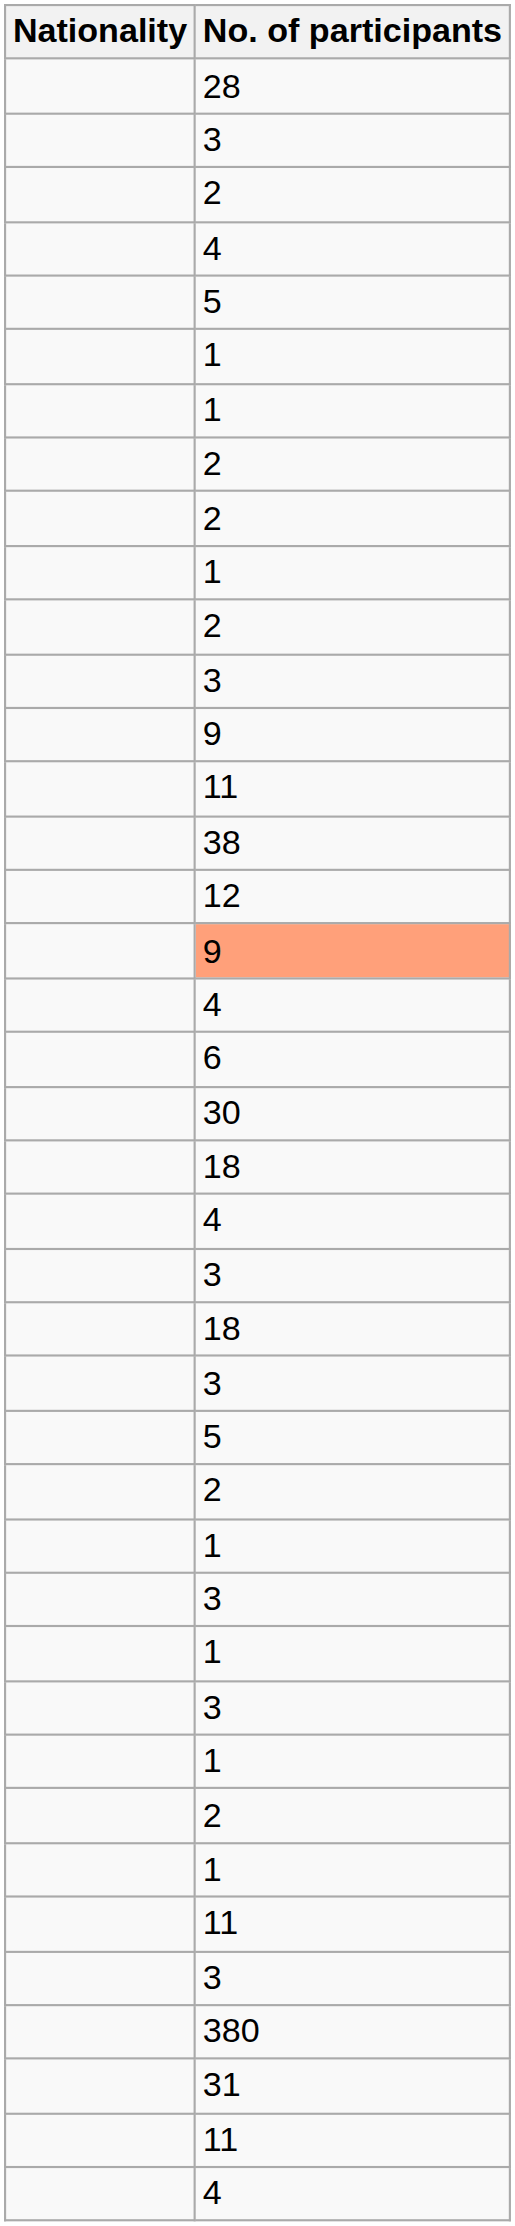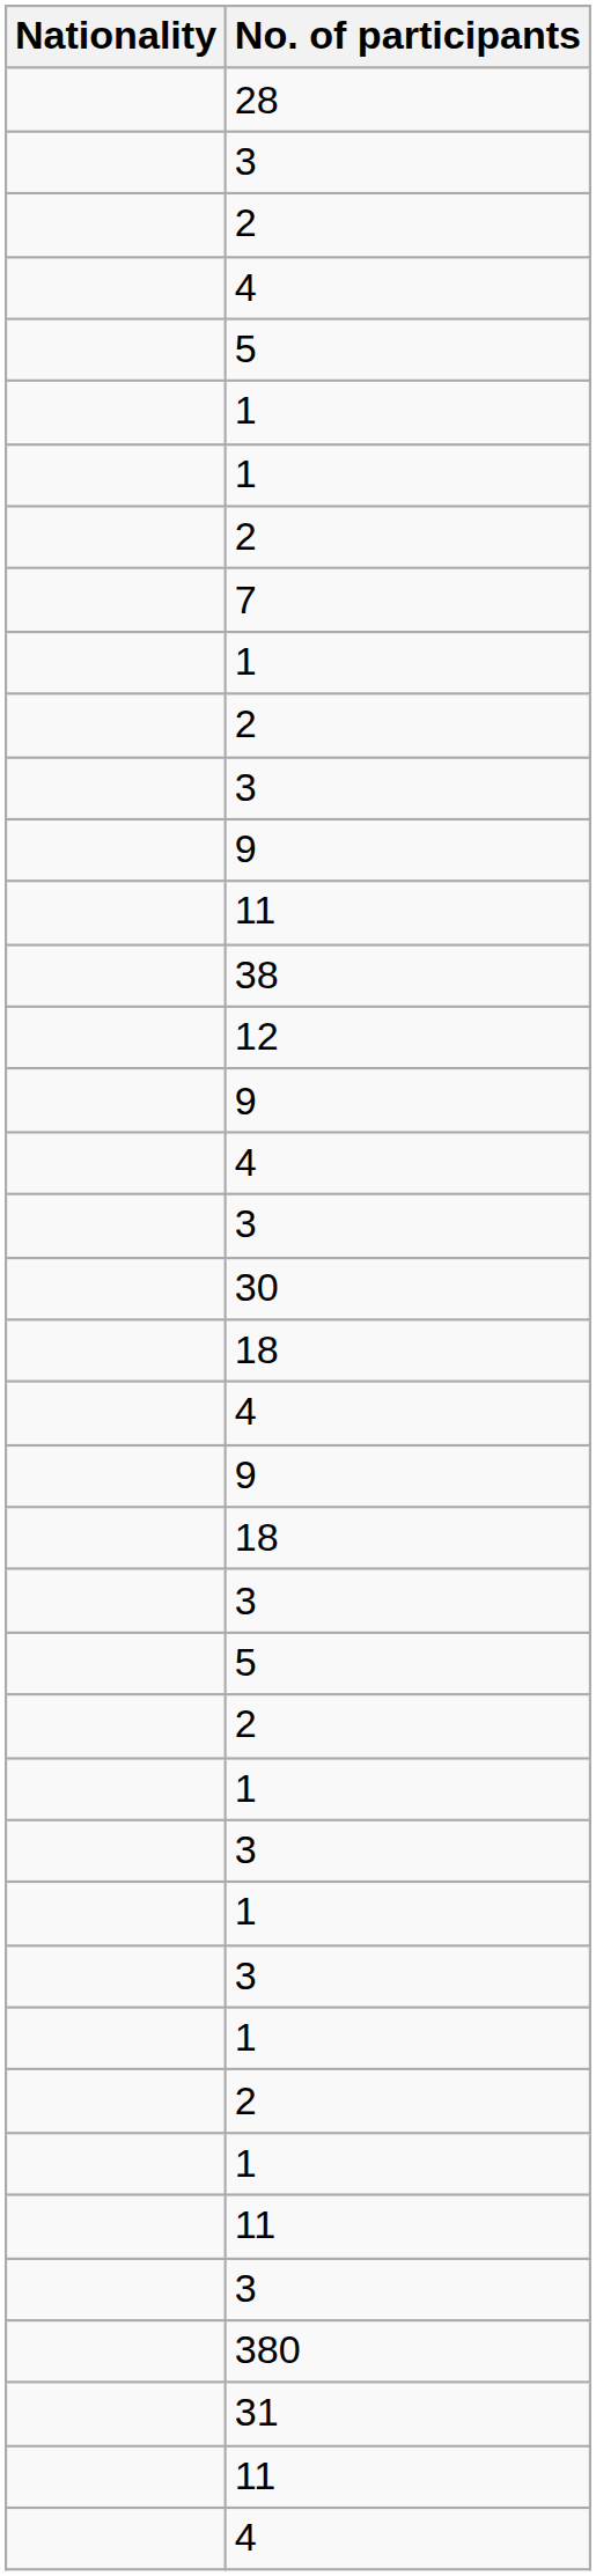 <table class="wikitable sortable collapsible collapsed">
 <tr>
 <th>Nationality</th>
 <th>No. of participants</th>
 </tr>
 <tr>
 <td></td>
 <td>28</td>
 </tr>
 <tr>
 <td></td>
 <td>3</td>
 </tr>
 <tr>
 <td></td>
 <td>2</td>
 </tr>
 <tr>
 <td></td>
 <td>4</td>
 </tr>
 <tr>
 <td></td>
 <td>5</td>
 </tr>
 <tr>
 <td></td>
 <td>1</td>
 </tr>
 <tr>
 <td></td>
 <td>1</td>
 </tr>
 <tr>
 <td></td>
 <td>2</td>
 </tr>
 <tr>
 <td></td>
-<td>2</td>
+<td>7</td>
 </tr>
 <tr>
 <td></td>
 <td>1</td>
 </tr>
 <tr>
 <td></td>
 <td>2</td>
 </tr>
 <tr>
 <td></td>
 <td>3</td>
 </tr>
 <tr>
 <td></td>
 <td>9</td>
 </tr>
 <tr>
 <td></td>
 <td>11</td>
 </tr>
 <tr>
 <td></td>
 <td>38</td>
 </tr>
 <tr>
 <td></td>
 <td>12</td>
 </tr>
 <tr>
 <td></td>
-<td style="background: lightsalmon;">9</td>
+<td>9</td>
 </tr>
 <tr>
 <td></td>
 <td>4</td>
 </tr>
 <tr>
 <td></td>
-<td>6</td>
+<td>3</td>
 </tr>
 <tr>
 <td></td>
 <td>30</td>
 </tr>
 <tr>
 <td></td>
 <td>18</td>
 </tr>
 <tr>
 <td></td>
 <td>4</td>
 </tr>
 <tr>
 <td></td>
-<td>3</td>
+<td>9</td>
 </tr>
 <tr>
 <td></td>
 <td>18</td>
 </tr>
 <tr>
 <td></td>
 <td>3</td>
 </tr>
 <tr>
 <td></td>
 <td>5</td>
 </tr>
 <tr>
 <td></td>
 <td>2</td>
 </tr>
 <tr>
 <td></td>
 <td>1</td>
 </tr>
 <tr>
 <td></td>
 <td>3</td>
 </tr>
 <tr>
 <td></td>
 <td>1</td>
 </tr>
 <tr>
 <td></td>
 <td>3</td>
 </tr>
 <tr>
 <td></td>
 <td>1</td>
 </tr>
 <tr>
 <td></td>
 <td>2</td>
 </tr>
 <tr>
 <td></td>
 <td>1</td>
 </tr>
 <tr>
 <td></td>
 <td>11</td>
 </tr>
 <tr>
 <td></td>
 <td>3</td>
 </tr>
 <tr>
 <td></td>
 <td>380</td>
 </tr>
 <tr>
 <td></td>
 <td>31</td>
 </tr>
 <tr>
 <td></td>
 <td>11</td>
 </tr>
 <tr>
 <td></td>
 <td>4</td>
 </tr>
 </table>
